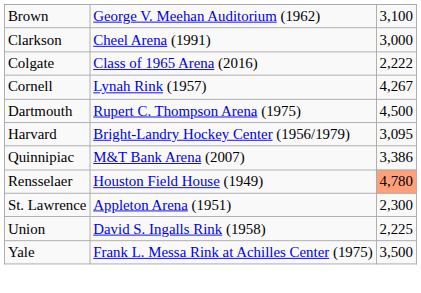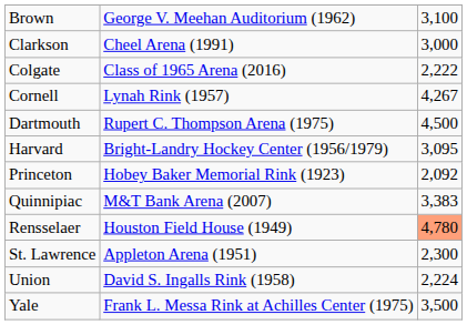 <table class="sortable wikitable">
 <tr>
 </tr>
 <tr>
 <td>Brown</td>
 <td><a href='#'>George V. Meehan Auditorium</a> (1962)</td>
 <td>3,100</td>
 </tr>
 <tr>
 <td>Clarkson</td>
 <td><a href='#'>Cheel Arena</a>  (1991)</td>
 <td>3,000</td>
 </tr>
 <tr>
 <td>Colgate</td>
 <td><a href='#'>Class of 1965 Arena</a>  (2016)</td>
 <td>2,222</td>
 </tr>
 <tr>
 <td>Cornell</td>
 <td><a href='#'>Lynah Rink</a> (1957)</td>
 <td>4,267</td>
 </tr>
 <tr>
 <td>Dartmouth</td>
 <td><a href='#'>Rupert C. Thompson Arena</a> (1975)</td>
 <td>4,500</td>
 </tr>
 <tr>
 <td>Harvard</td>
 <td><a href='#'>Bright-Landry Hockey Center</a> (1956/1979)</td>
 <td>3,095</td>
 </tr>
 <tr>
+<td>Princeton</td>
+<td><a href='#'>Hobey Baker Memorial Rink</a> (1923)</td>
+<td>2,092</td>
+</tr>
+<tr>
 <td>Quinnipiac</td>
 <td><a href='#'>M&T Bank Arena</a> (2007)</td>
-<td>3,386</td>
+<td>3,383</td>
 </tr>
 <tr>
 <td>Rensselaer</td>
 <td><a href='#'>Houston Field House</a> (1949)</td>
 <td style="background: lightsalmon;">4,780</td>
 </tr>
 <tr>
 <td>St. Lawrence</td>
 <td><a href='#'>Appleton Arena</a> (1951)</td>
 <td>2,300</td>
 </tr>
 <tr>
 <td>Union</td>
 <td><a href='#'>David S. Ingalls Rink</a> (1958)</td>
-<td>2,225</td>
+<td>2,224</td>
 </tr>
 <tr>
 <td>Yale</td>
 <td><a href='#'>Frank L. Messa Rink at Achilles Center</a> (1975)</td>
 <td>3,500</td>
 </tr>
 </table>
